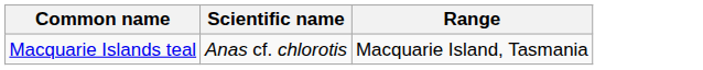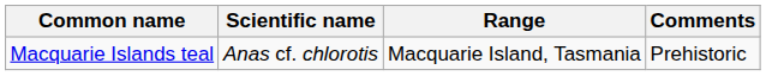 <table class="wikitable">
 <tr>
 <th>Common name</th>
 <th>Scientific name</th>
 <th>Range</th>
+<th class="unsortable">Comments</th>
 </tr>
 <tr>
 <td><a href='#'>Macquarie Islands teal</a></td>
 <td><em>Anas</em> cf. <em>chlorotis</em></td>
 <td>Macquarie Island, Tasmania</td>
+<td>Prehistoric</td>
 </tr>
 </table>
